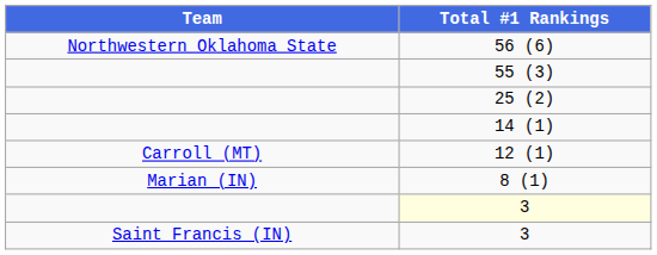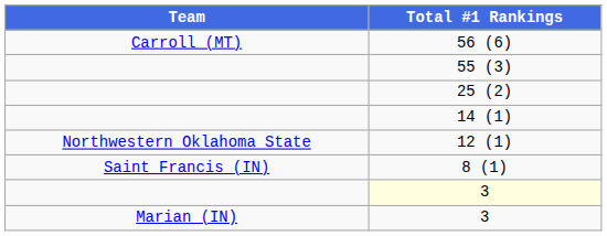 <table class="wikitable" style="width:40%;">
 <tr>
 <th style="background:#4169E1; color:white;">Team</th>
 <th style="background:#4169E1; color:white;">Total #1 Rankings</th>
 </tr>
 <tr style="text-align:center;">
-<td><a href='#'>Northwestern Oklahoma State</a></td>
+<td><a href='#'>Carroll (MT)</a></td>
 <td>56 (6)</td>
 </tr>
 <tr style="text-align:center;">
 <td></td>
 <td>55 (3)</td>
 </tr>
 <tr style="text-align:center;">
 <td></td>
 <td>25 (2)</td>
 </tr>
 <tr style="text-align:center;">
 <td></td>
 <td>14 (1)</td>
 </tr>
 <tr style="text-align:center;">
-<td><a href='#'>Carroll (MT)</a></td>
+<td><a href='#'>Northwestern Oklahoma State</a></td>
 <td>12 (1)</td>
 </tr>
 <tr style="text-align:center;">
-<td><a href='#'>Marian (IN)</a></td>
+<td><a href='#'>Saint Francis (IN)</a></td>
 <td>8 (1)</td>
 </tr>
 <tr style="text-align:center;">
 <td></td>
 <td style="background: lightyellow;">3</td>
 </tr>
 <tr style="text-align:center;">
-<td><a href='#'>Saint Francis (IN)</a></td>
+<td><a href='#'>Marian (IN)</a></td>
 <td>3</td>
 </tr>
 </table>
